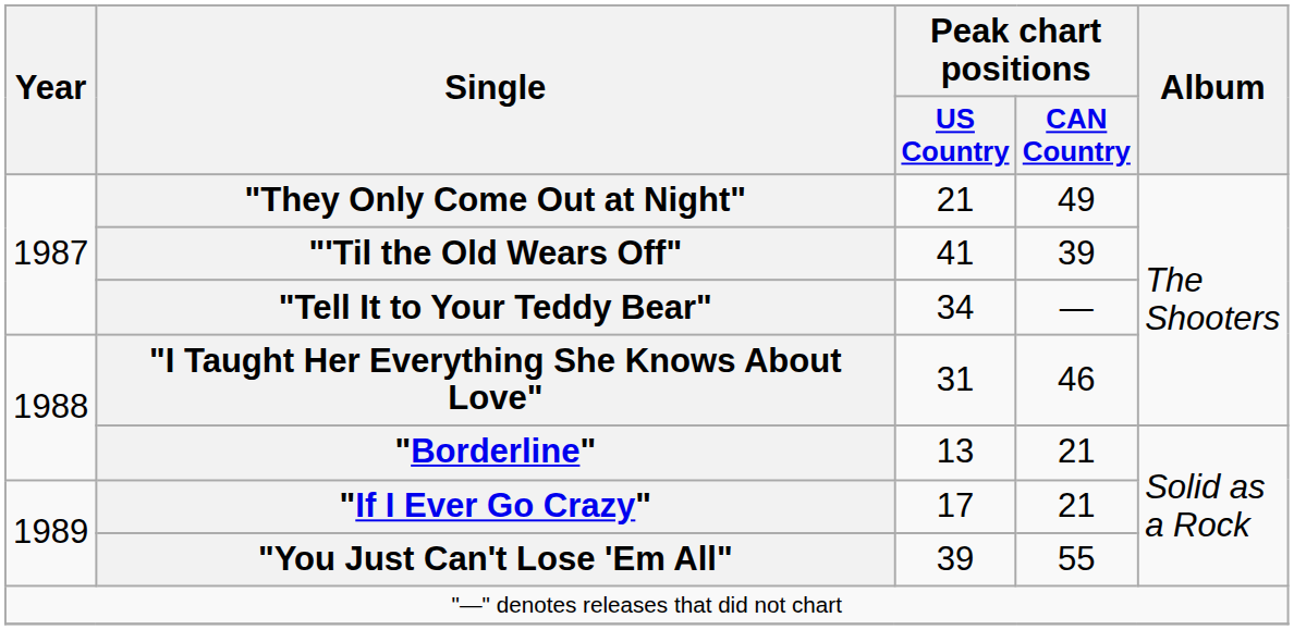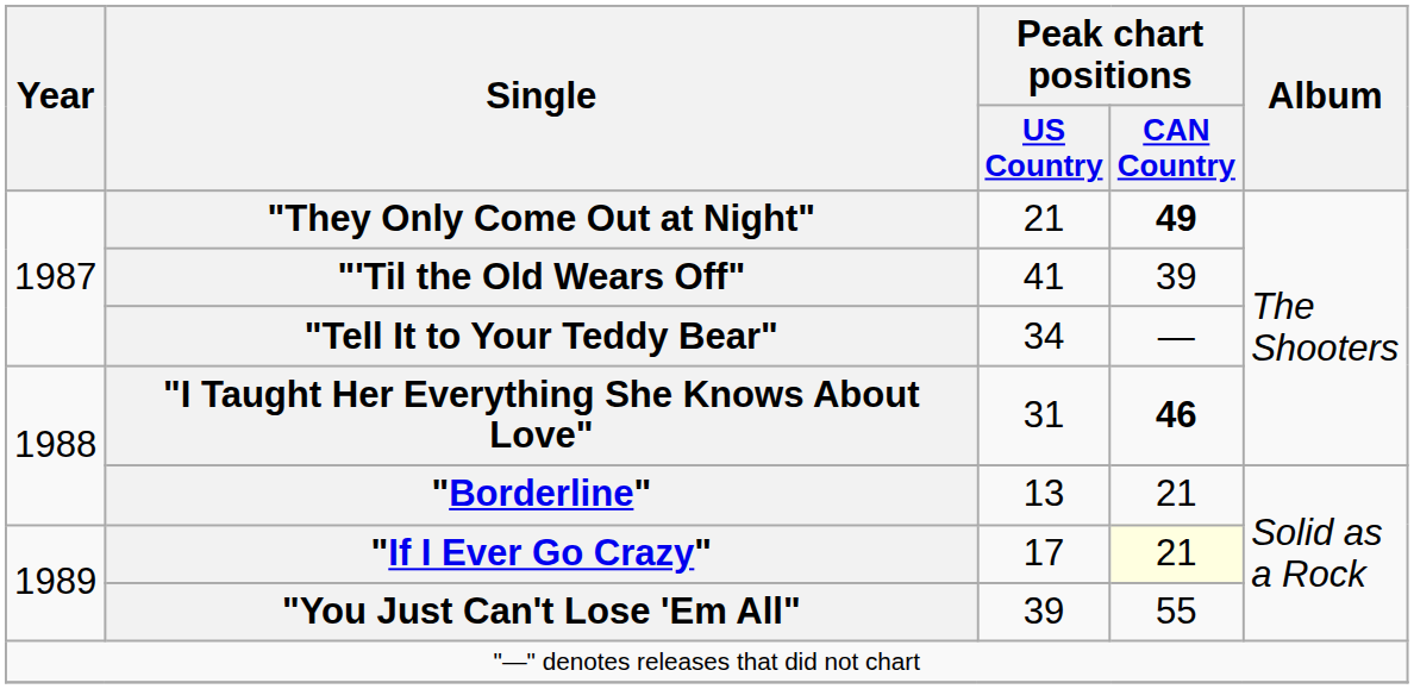 <table class="wikitable plainrowheaders" style="text-align:center;">
 <tr>
 <th rowspan="2">Year</th>
 <th rowspan="2" style="width:24em;">Single</th>
 <th colspan="2">Peak chart<br>positions</th>
 <th rowspan="2">Album</th>
 </tr>
 <tr style="font-size:smaller;">
 <th width="45"><a href='#'>US Country</a><br></th>
 <th width="45"><a href='#'>CAN Country</a></th>
 </tr>
 <tr>
 <td rowspan="3">1987</td>
 <th scope="row">"They Only Come Out at Night"</th>
 <td>21</td>
-<td>49</td>
+<td><strong>49</strong></td>
 <td align="left" rowspan="4"><em>The Shooters</em></td>
 </tr>
 <tr>
 <th scope="row">"'Til the Old Wears Off"</th>
 <td>41</td>
 <td>39</td>
 </tr>
 <tr>
 <th scope="row">"Tell It to Your Teddy Bear"</th>
 <td>34</td>
 <td>—</td>
 </tr>
 <tr>
 <td rowspan="2">1988</td>
 <th scope="row">"I Taught Her Everything She Knows About Love"</th>
 <td>31</td>
-<td>46</td>
+<td><strong>46</strong></td>
 </tr>
 <tr>
 <th scope="row">"<a href='#'>Borderline</a>"</th>
 <td>13</td>
 <td>21</td>
 <td align="left" rowspan="3"><em>Solid as a Rock</em></td>
 </tr>
 <tr>
 <td rowspan="2">1989</td>
 <th scope="row">"<a href='#'>If I Ever Go Crazy</a>"</th>
 <td>17</td>
-<td>21</td>
+<td style="background: lightyellow;">21</td>
 </tr>
 <tr>
 <th scope="row">"You Just Can't Lose 'Em All"</th>
 <td>39</td>
 <td>55</td>
 </tr>
 <tr>
 <td colspan="5" style="font-size:8pt">"—" denotes releases that did not chart</td>
 </tr>
 <tr>
 </tr>
 </table>
